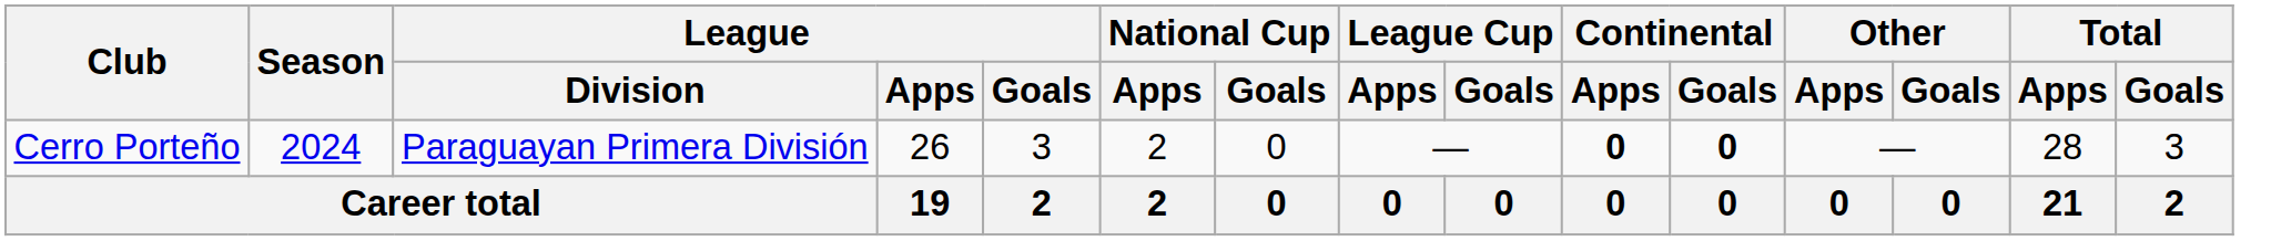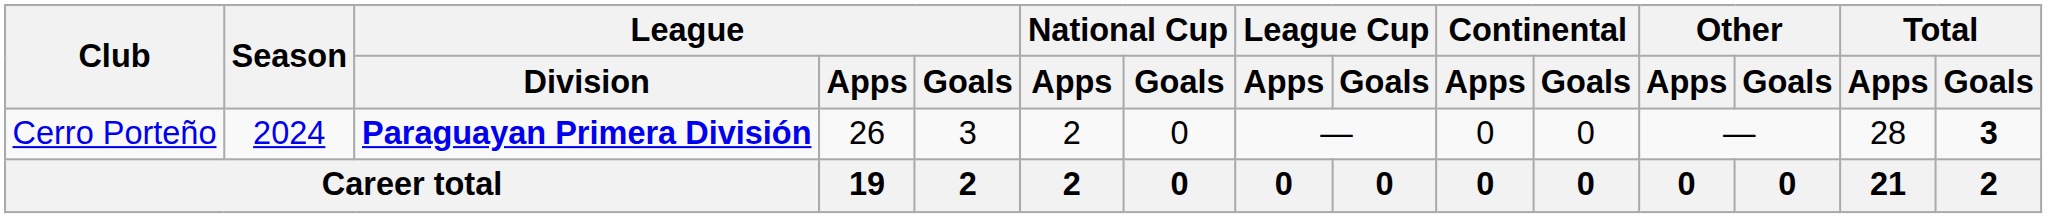 <table class="wikitable" style="text-align: center">
 <tr>
 <th rowspan="2">Club</th>
 <th rowspan="2">Season</th>
 <th colspan="3">League</th>
 <th colspan="2">National Cup</th>
 <th colspan="2">League Cup</th>
 <th colspan="2">Continental</th>
 <th colspan="2">Other</th>
 <th colspan="2">Total</th>
 </tr>
 <tr>
 <th>Division</th>
 <th>Apps</th>
 <th>Goals</th>
 <th>Apps</th>
 <th>Goals</th>
 <th>Apps</th>
 <th>Goals</th>
 <th>Apps</th>
 <th>Goals</th>
 <th>Apps</th>
 <th>Goals</th>
 <th>Apps</th>
 <th>Goals</th>
 </tr>
 <tr>
 <td><a href='#'>Cerro Porteño</a></td>
 <td><a href='#'>2024</a></td>
-<td><a href='#'>Paraguayan Primera División</a></td>
+<td><strong><a href='#'>Paraguayan Primera División</a></strong></td>
 <td>26</td>
 <td>3</td>
 <td>2</td>
 <td>0</td>
 <td colspan="2">—</td>
-<td><strong>0</strong></td>
-<td><strong>0</strong></td>
+<td>0</td>
+<td>0</td>
 <td colspan="2">—</td>
 <td>28</td>
-<td>3</td>
+<td><strong>3</strong></td>
 </tr>
 <tr>
 <th colspan="3">Career total</th>
 <th>19</th>
 <th>2</th>
 <th>2</th>
 <th>0</th>
 <th>0</th>
 <th>0</th>
 <th>0</th>
 <th>0</th>
 <th>0</th>
 <th>0</th>
 <th>21</th>
 <th>2</th>
 </tr>
 </table>
